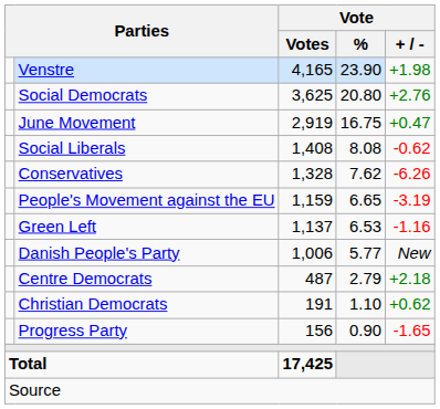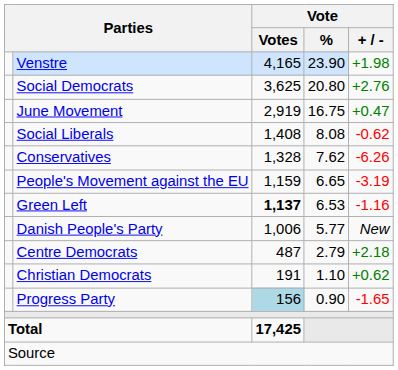 <table class="wikitable" style="text-align:right;">
 <tr>
 <th style="text-align:centre;" rowspan="2" colspan="2" width="225">Parties</th>
 <th colspan="3">Vote</th>
 </tr>
 <tr>
 <th width="15">Votes</th>
 <th width="15">%</th>
 <th width="15">+ / -</th>
 </tr>
 <tr>
 <td width="2" style="color:inherit;background:"></td>
 <td bgcolor=#cfe5fe   align="left"><a href='#'>Venstre</a></td>
 <td bgcolor=#cfe5fe>4,165</td>
 <td bgcolor=#cfe5fe>23.90</td>
 <td style=color:green;>+1.98</td>
 </tr>
 <tr>
 <td width="2" style="color:inherit;background:"></td>
 <td align="left"><a href='#'>Social Democrats</a></td>
 <td>3,625</td>
 <td>20.80</td>
 <td style=color:green;>+2.76</td>
 </tr>
 <tr>
 <td width="2" style="color:inherit;background:"></td>
 <td align="left"><a href='#'>June Movement</a></td>
 <td>2,919</td>
 <td>16.75</td>
 <td style=color:green;>+0.47</td>
 </tr>
 <tr>
 <td width="2" style="color:inherit;background:"></td>
 <td align="left"><a href='#'>Social Liberals</a></td>
 <td>1,408</td>
 <td>8.08</td>
 <td style=color:red;>-0.62</td>
 </tr>
 <tr>
 <td width="2" style="color:inherit;background:"></td>
 <td align="left"><a href='#'>Conservatives</a></td>
 <td>1,328</td>
 <td>7.62</td>
 <td style=color:red;>-6.26</td>
 </tr>
 <tr>
 <td width="2" style="color:inherit;background:"></td>
 <td align="left"><a href='#'>People's Movement against the EU</a></td>
 <td>1,159</td>
 <td>6.65</td>
 <td style=color:red;>-3.19</td>
 </tr>
 <tr>
 <td width="2" style="color:inherit;background:"></td>
 <td align="left"><a href='#'>Green Left</a></td>
-<td>1,137</td>
+<td><strong>1,137</strong></td>
 <td>6.53</td>
 <td style=color:red;>-1.16</td>
 </tr>
 <tr>
 <td width="2" style="color:inherit;background:"></td>
 <td align="left"><a href='#'>Danish People's Party</a></td>
 <td>1,006</td>
 <td>5.77</td>
 <td><em>New</em></td>
 </tr>
 <tr>
 <td width="2" style="color:inherit;background:"></td>
 <td align="left"><a href='#'>Centre Democrats</a></td>
 <td>487</td>
 <td>2.79</td>
 <td style=color:green;>+2.18</td>
 </tr>
 <tr>
 <td width="2" style="color:inherit;background:"></td>
 <td align="left"><a href='#'>Christian Democrats</a></td>
 <td>191</td>
 <td>1.10</td>
 <td style=color:green;>+0.62</td>
 </tr>
 <tr>
 <td width="2" style="color:inherit;background:"></td>
 <td align="left"><a href='#'>Progress Party</a></td>
-<td>156</td>
+<td style="background: lightblue;">156</td>
 <td>0.90</td>
 <td style=color:red;>-1.65</td>
 </tr>
 <tr>
 <td colspan="7" bgcolor="#E9E9E9"></td>
 </tr>
 <tr>
 <td align="left" colspan="2"><strong>Total</strong></td>
 <td><strong>17,425</strong></td>
 <td bgcolor="#E9E9E9" colspan="2"></td>
 </tr>
 <tr>
 <td align="left" colspan="6">Source</td>
 </tr>
 </table>
